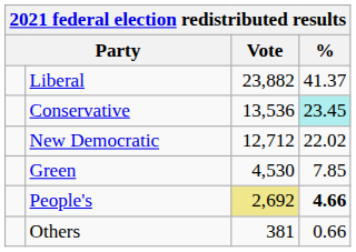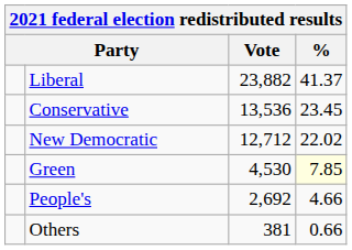 <table class="wikitable">
 <tr>
 <th colspan="4"><a href='#'>2021 federal election</a> redistributed results</th>
 </tr>
 <tr>
 <th bgcolor="#DDDDFF" width="130px" colspan="2">Party</th>
 <th bgcolor="#DDDDFF" width="50px">Vote</th>
 <th bgcolor="#DDDDFF" width="30px">%</th>
 </tr>
 <tr>
 <td> </td>
 <td><a href='#'>Liberal</a></td>
 <td align=right>23,882</td>
 <td align=right>41.37</td>
 </tr>
 <tr>
 <td> </td>
 <td><a href='#'>Conservative</a></td>
 <td align=right>13,536</td>
-<td align=right style="background: paleturquoise;">23.45</td>
+<td align=right>23.45</td>
 </tr>
 <tr>
 <td> </td>
 <td><a href='#'>New Democratic</a></td>
 <td align=right>12,712</td>
 <td align=right>22.02</td>
 </tr>
 <tr>
 <td> </td>
 <td><a href='#'>Green</a></td>
 <td align=right>4,530</td>
-<td align=right>7.85</td>
+<td align=right style="background: lightyellow;">7.85</td>
 </tr>
 <tr>
 <td> </td>
 <td><a href='#'>People's</a></td>
-<td align=right style="background: khaki;">2,692</td>
-<td align=right><strong>4.66</strong></td>
+<td align=right>2,692</td>
+<td align=right>4.66</td>
 </tr>
 <tr>
 <td> </td>
 <td>Others</td>
 <td align=right>381</td>
 <td align=right>0.66</td>
 </tr>
 </table>
